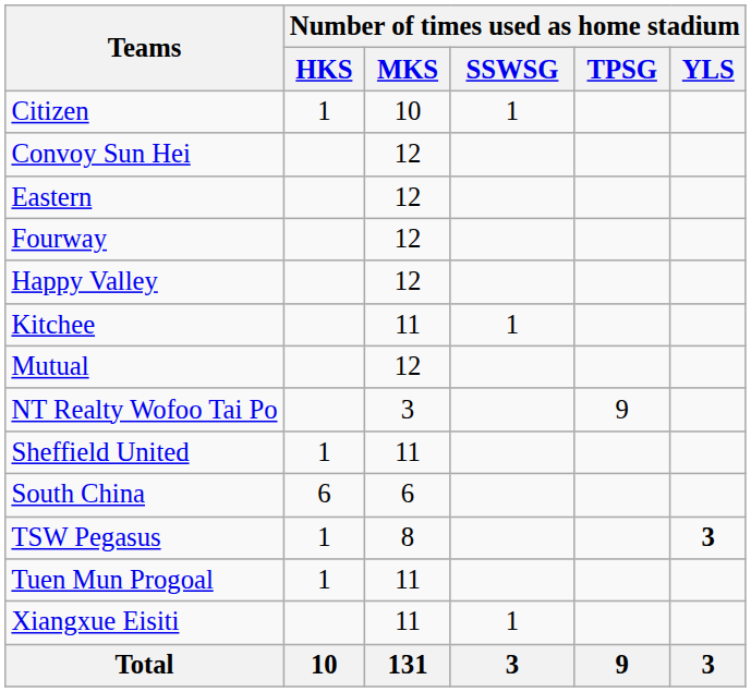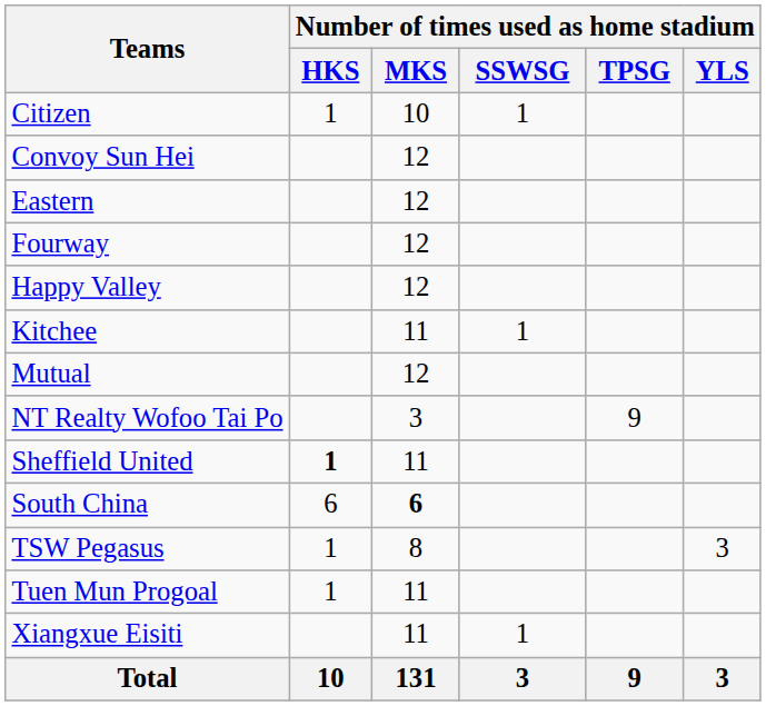 <table class="wikitable" style="text-align: center">
 <tr>
 <th rowspan=2>Teams</th>
 <th colspan=5>Number of times used as home stadium</th>
 </tr>
 <tr>
 <th><a href='#'>HKS</a></th>
 <th><a href='#'>MKS</a></th>
 <th><a href='#'>SSWSG</a></th>
 <th><a href='#'>TPSG</a></th>
 <th><a href='#'>YLS</a></th>
 </tr>
 <tr>
 <td align=left><a href='#'>Citizen</a></td>
 <td>1</td>
 <td>10</td>
 <td>1</td>
 <td></td>
 <td></td>
 </tr>
 <tr>
 <td align=left><a href='#'>Convoy Sun Hei</a></td>
 <td></td>
 <td>12</td>
 <td></td>
 <td></td>
 <td></td>
 </tr>
 <tr>
 <td align=left><a href='#'>Eastern</a></td>
 <td></td>
 <td>12</td>
 <td></td>
 <td></td>
 <td></td>
 </tr>
 <tr>
 <td align=left><a href='#'>Fourway</a></td>
 <td></td>
 <td>12</td>
 <td></td>
 <td></td>
 <td></td>
 </tr>
 <tr>
 <td align=left><a href='#'>Happy Valley</a></td>
 <td></td>
 <td>12</td>
 <td></td>
 <td></td>
 <td></td>
 </tr>
 <tr>
 <td align=left><a href='#'>Kitchee</a></td>
 <td></td>
 <td>11</td>
 <td>1</td>
 <td></td>
 <td></td>
 </tr>
 <tr>
 <td align=left><a href='#'>Mutual</a></td>
 <td></td>
 <td>12</td>
 <td></td>
 <td></td>
 <td></td>
 </tr>
 <tr>
 <td align=left><a href='#'>NT Realty Wofoo Tai Po</a></td>
 <td></td>
 <td>3</td>
 <td></td>
 <td>9</td>
 <td></td>
 </tr>
 <tr>
 <td align=left><a href='#'>Sheffield United</a></td>
-<td>1</td>
+<td><strong>1</strong></td>
 <td>11</td>
 <td></td>
 <td></td>
 <td></td>
 </tr>
 <tr>
 <td align=left><a href='#'>South China</a></td>
 <td>6</td>
-<td>6</td>
+<td><strong>6</strong></td>
 <td></td>
 <td></td>
 <td></td>
 </tr>
 <tr>
 <td align=left><a href='#'>TSW Pegasus</a></td>
 <td>1</td>
 <td>8</td>
 <td></td>
 <td></td>
-<td><strong>3</strong></td>
+<td>3</td>
 </tr>
 <tr>
 <td align=left><a href='#'>Tuen Mun Progoal</a></td>
 <td>1</td>
 <td>11</td>
 <td></td>
 <td></td>
 <td></td>
 </tr>
 <tr>
 <td align=left><a href='#'>Xiangxue Eisiti</a></td>
 <td></td>
 <td>11</td>
 <td>1</td>
 <td></td>
 <td></td>
 </tr>
 <tr>
 <th>Total</th>
 <th>10</th>
 <th>131</th>
 <th>3</th>
 <th>9</th>
 <th>3</th>
 </tr>
 </table>
